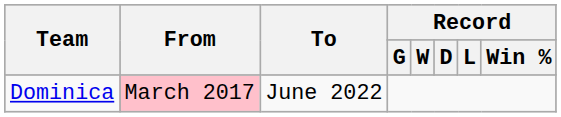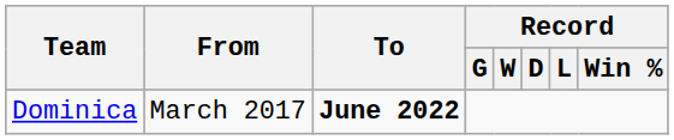 <table class="wikitable" style="text-align: center">
 <tr>
 <th rowspan="2">Team</th>
 <th rowspan="2">From</th>
 <th rowspan="2">To</th>
 <th colspan="5">Record</th>
 </tr>
 <tr>
 <th>G</th>
 <th>W</th>
 <th>D</th>
 <th>L</th>
 <th>Win %</th>
 </tr>
 <tr>
 <td align=left><a href='#'>Dominica</a></td>
-<td align=left style="background: pink;">March 2017</td>
-<td align=left>June 2022<br></td>
+<td align=left>March 2017</td>
+<td align=left><strong>June 2022<br></strong></td>
 </tr>
 </table>
